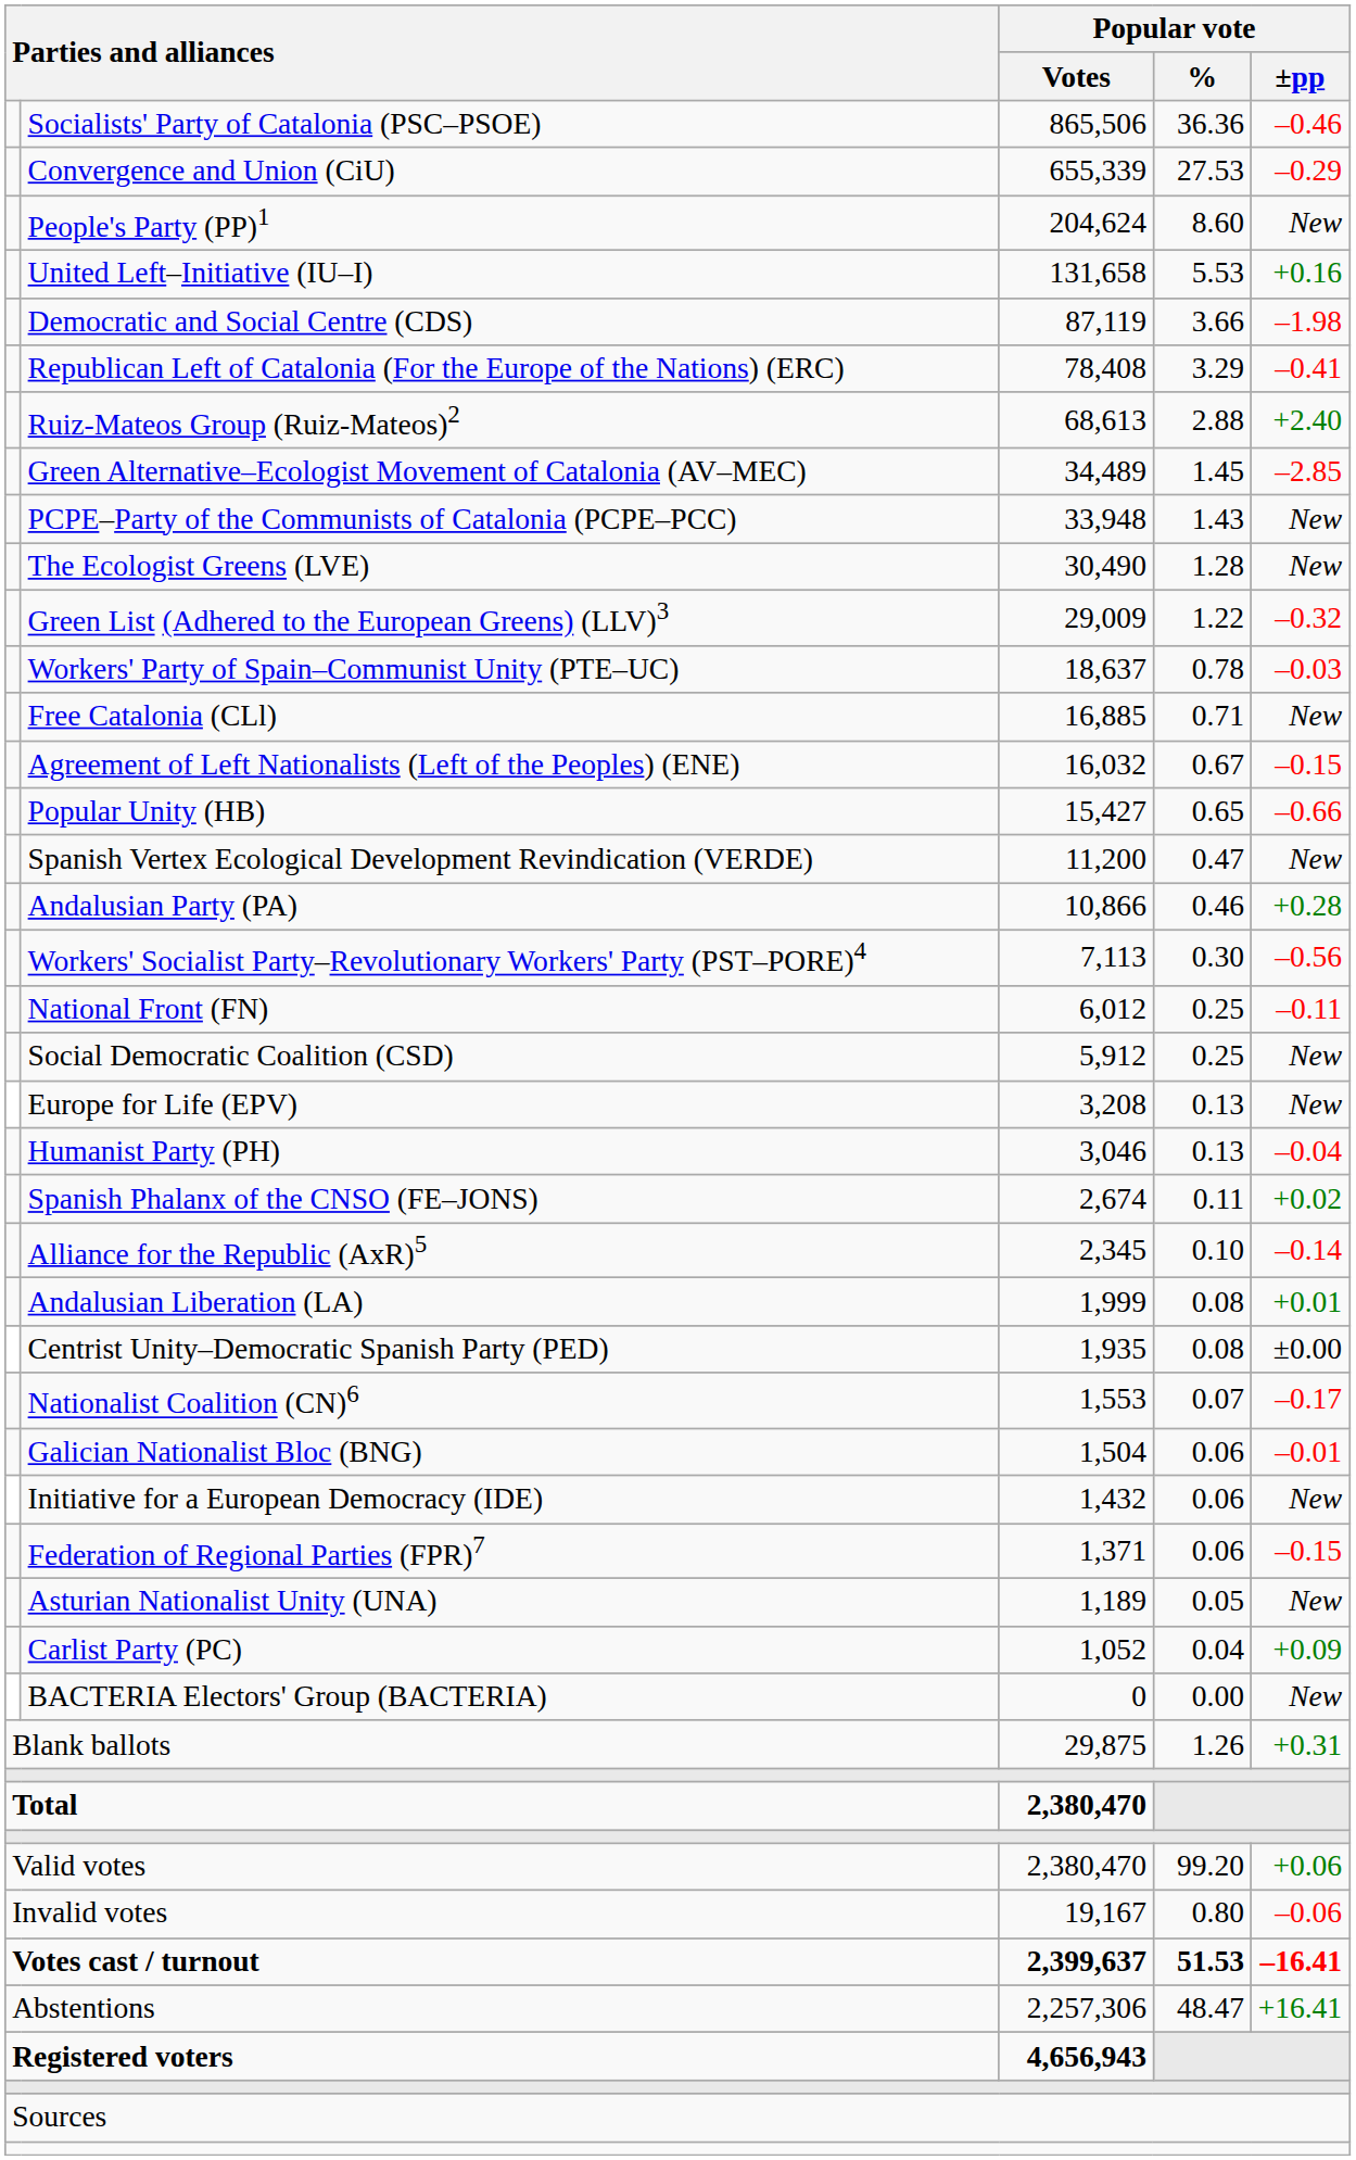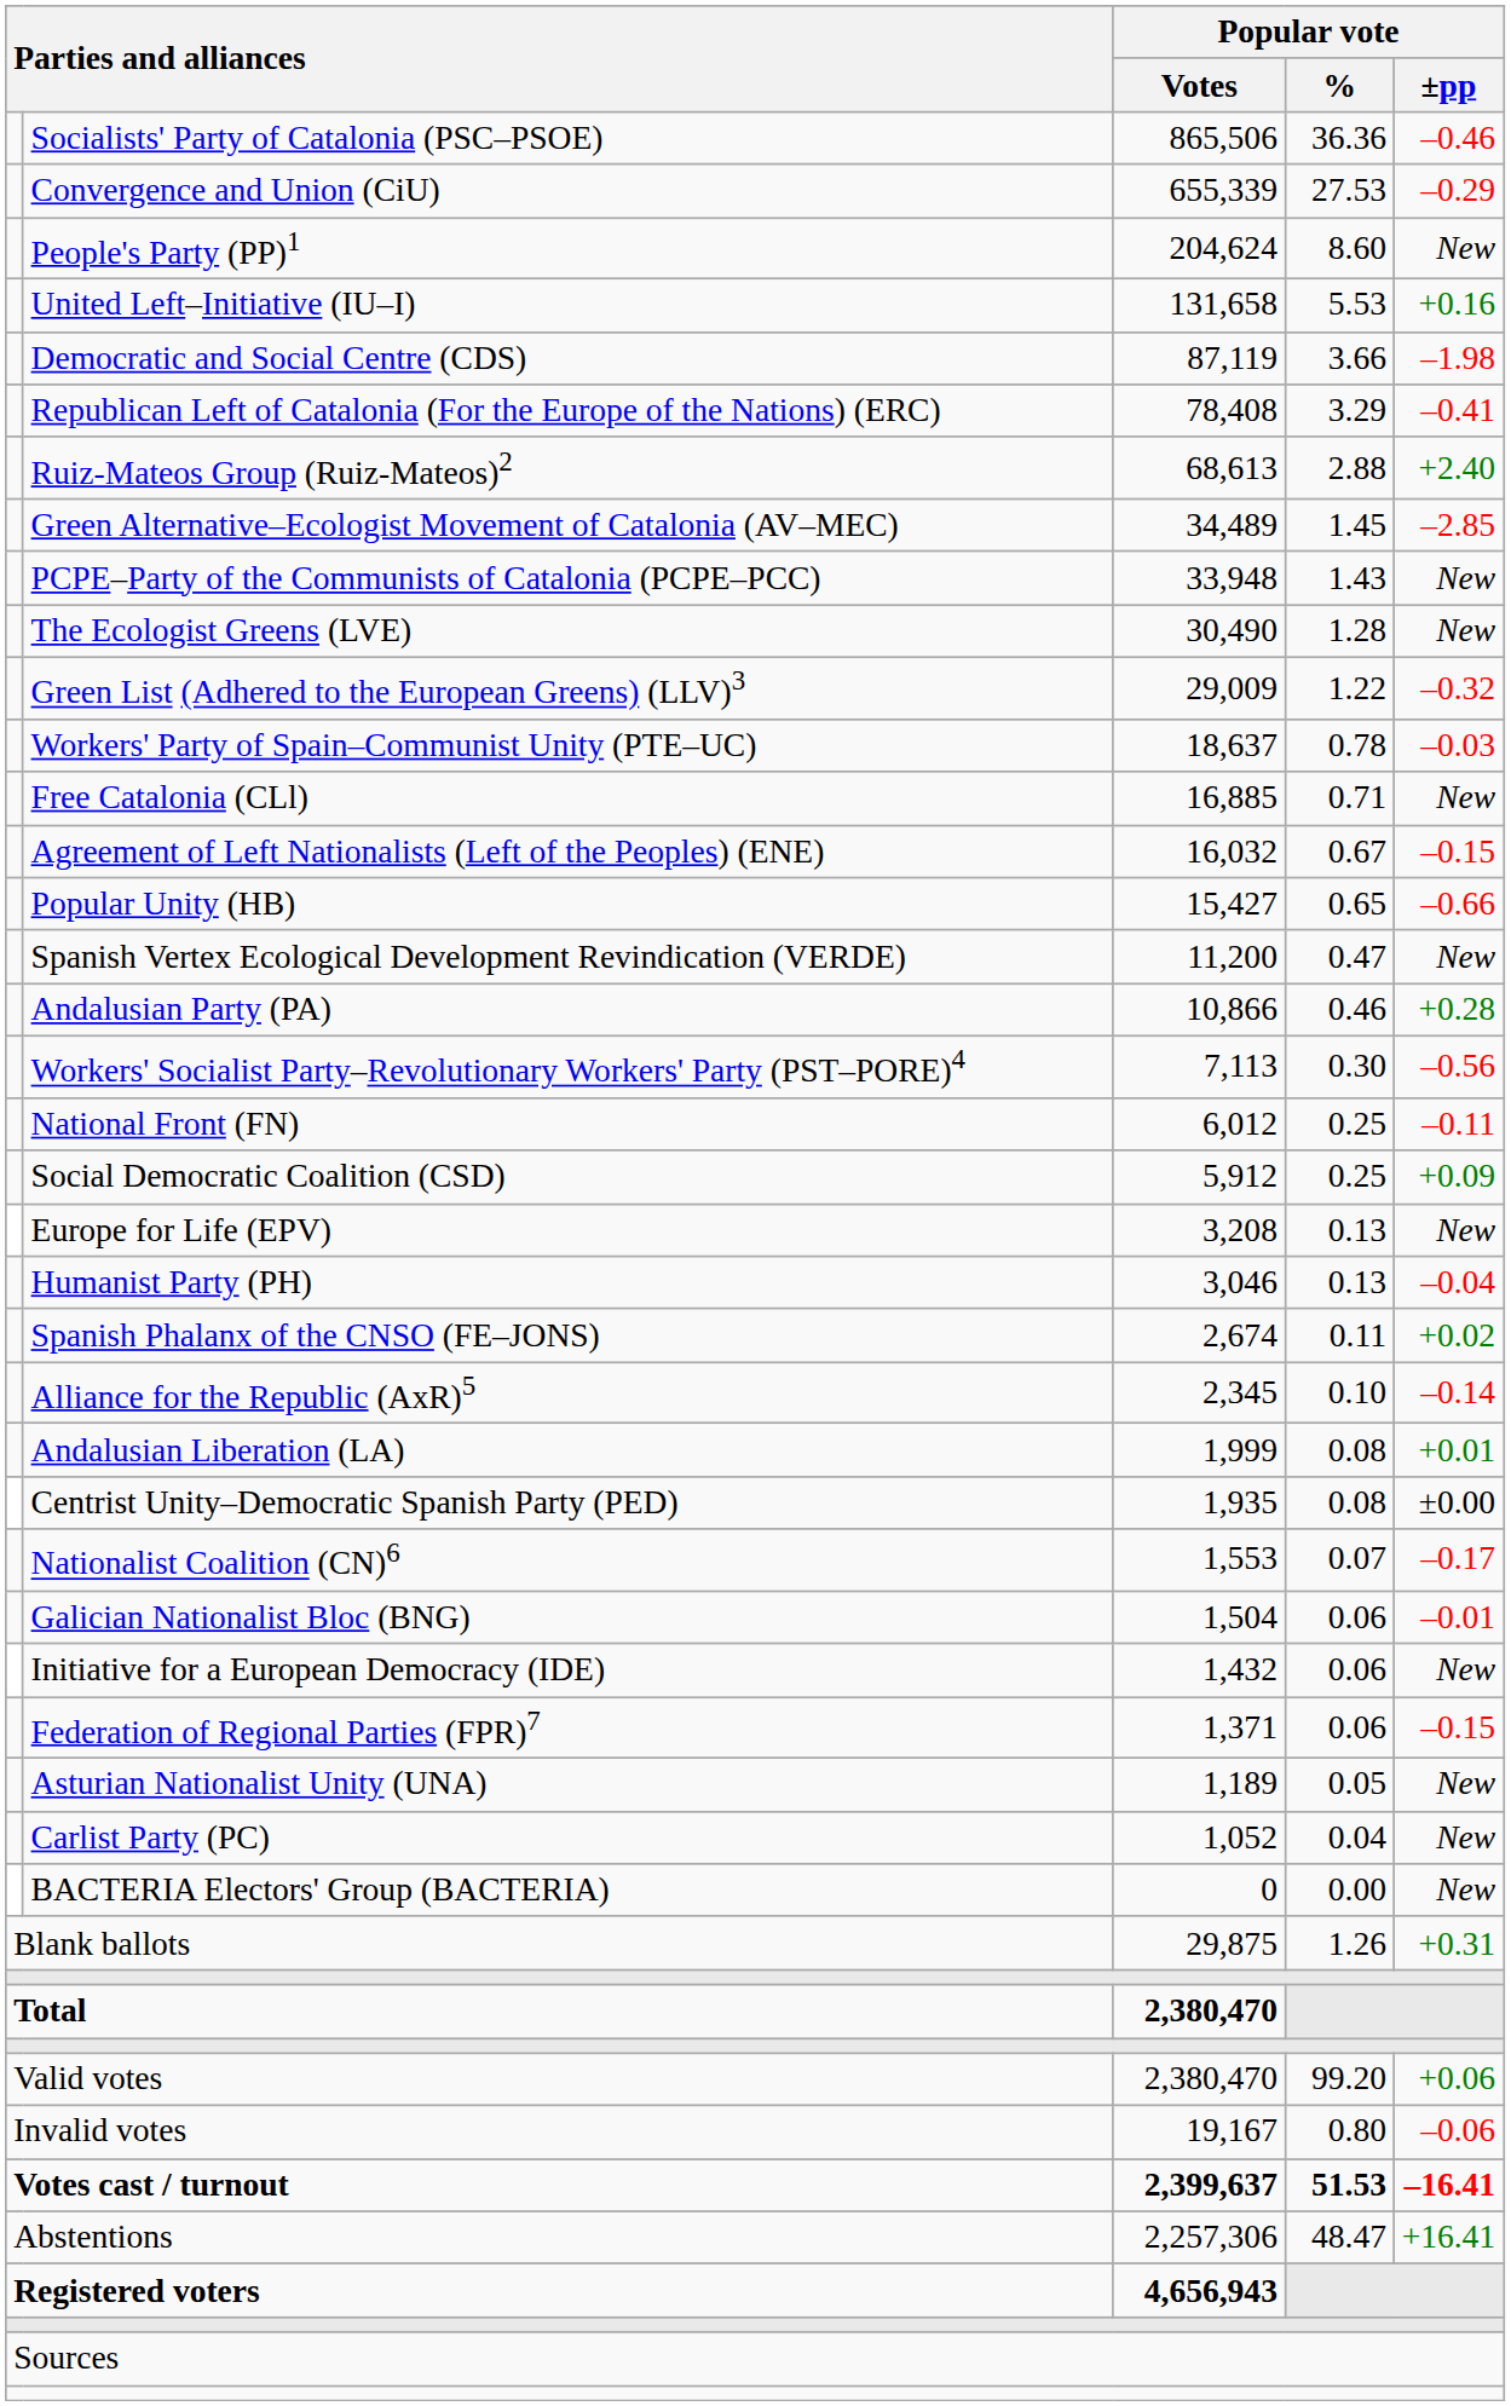 <table class="wikitable" style="text-align:right">
 <tr>
 <th style="text-align:left;" rowspan="2" colspan="2" width="525">Parties and alliances</th>
 <th colspan="3">Popular vote</th>
 </tr>
 <tr>
 <th width="75">Votes</th>
 <th width="45">%</th>
 <th width="45">±<a href='#'>pp</a></th>
 </tr>
 <tr>
 <td width="1" style="color:inherit;background:"></td>
 <td align="left"><a href='#'>Socialists' Party of Catalonia</a> (PSC–PSOE)</td>
 <td>865,506</td>
 <td>36.36</td>
 <td style="color:red;">–0.46</td>
 </tr>
 <tr>
 <td style="color:inherit;background:"></td>
 <td align="left"><a href='#'>Convergence and Union</a> (CiU)</td>
 <td>655,339</td>
 <td>27.53</td>
 <td style="color:red;">–0.29</td>
 </tr>
 <tr>
 <td style="color:inherit;background:"></td>
 <td align="left"><a href='#'>People's Party</a> (PP)<sup>1</sup></td>
 <td>204,624</td>
 <td>8.60</td>
 <td><em>New</em></td>
 </tr>
 <tr>
 <td style="color:inherit;background:"></td>
 <td align="left"><a href='#'>United Left</a>–<a href='#'>Initiative</a> (IU–I)</td>
 <td>131,658</td>
 <td>5.53</td>
 <td style="color:green;">+0.16</td>
 </tr>
 <tr>
 <td style="color:inherit;background:"></td>
 <td align="left"><a href='#'>Democratic and Social Centre</a> (CDS)</td>
 <td>87,119</td>
 <td>3.66</td>
 <td style="color:red;">–1.98</td>
 </tr>
 <tr>
 <td style="color:inherit;background:"></td>
 <td align="left"><a href='#'>Republican Left of Catalonia</a> (<a href='#'>For the Europe of the Nations</a>) (ERC)</td>
 <td>78,408</td>
 <td>3.29</td>
 <td style="color:red;">–0.41</td>
 </tr>
 <tr>
 <td style="color:inherit;background:"></td>
 <td align="left"><a href='#'>Ruiz-Mateos Group</a> (Ruiz-Mateos)<sup>2</sup></td>
 <td>68,613</td>
 <td>2.88</td>
 <td style="color:green;">+2.40</td>
 </tr>
 <tr>
 <td style="color:inherit;background:"></td>
 <td align="left"><a href='#'>Green Alternative–Ecologist Movement of Catalonia</a> (AV–MEC)</td>
 <td>34,489</td>
 <td>1.45</td>
 <td style="color:red;">–2.85</td>
 </tr>
 <tr>
 <td style="color:inherit;background:"></td>
 <td align="left"><a href='#'>PCPE</a>–<a href='#'>Party of the Communists of Catalonia</a> (PCPE–PCC)</td>
 <td>33,948</td>
 <td>1.43</td>
 <td><em>New</em></td>
 </tr>
 <tr>
 <td style="color:inherit;background:"></td>
 <td align="left"><a href='#'>The Ecologist Greens</a> (LVE)</td>
 <td>30,490</td>
 <td>1.28</td>
 <td><em>New</em></td>
 </tr>
 <tr>
 <td style="color:inherit;background:"></td>
 <td align="left"><a href='#'>Green List</a> <a href='#'>(Adhered to the European Greens)</a> (LLV)<sup>3</sup></td>
 <td>29,009</td>
 <td>1.22</td>
 <td style="color:red;">–0.32</td>
 </tr>
 <tr>
 <td style="color:inherit;background:"></td>
 <td align="left"><a href='#'>Workers' Party of Spain–Communist Unity</a> (PTE–UC)</td>
 <td>18,637</td>
 <td>0.78</td>
 <td style="color:red;">–0.03</td>
 </tr>
 <tr>
 <td style="color:inherit;background:"></td>
 <td align="left"><a href='#'>Free Catalonia</a> (CLl)</td>
 <td>16,885</td>
 <td>0.71</td>
 <td><em>New</em></td>
 </tr>
 <tr>
 <td style="color:inherit;background:"></td>
 <td align="left"><a href='#'>Agreement of Left Nationalists</a> (<a href='#'>Left of the Peoples</a>) (ENE)</td>
 <td>16,032</td>
 <td>0.67</td>
 <td style="color:red;">–0.15</td>
 </tr>
 <tr>
 <td style="color:inherit;background:"></td>
 <td align="left"><a href='#'>Popular Unity</a> (HB)</td>
 <td>15,427</td>
 <td>0.65</td>
 <td style="color:red;">–0.66</td>
 </tr>
 <tr>
 <td style="color:inherit;background:"></td>
 <td align="left">Spanish Vertex Ecological Development Revindication (VERDE)</td>
 <td>11,200</td>
 <td>0.47</td>
 <td><em>New</em></td>
 </tr>
 <tr>
 <td style="color:inherit;background:"></td>
 <td align="left"><a href='#'>Andalusian Party</a> (PA)</td>
 <td>10,866</td>
 <td>0.46</td>
 <td style="color:green;">+0.28</td>
 </tr>
 <tr>
 <td style="color:inherit;background:"></td>
 <td align="left"><a href='#'>Workers' Socialist Party</a>–<a href='#'>Revolutionary Workers' Party</a> (PST–PORE)<sup>4</sup></td>
 <td>7,113</td>
 <td>0.30</td>
 <td style="color:red;">–0.56</td>
 </tr>
 <tr>
 <td style="color:inherit;background:"></td>
 <td align="left"><a href='#'>National Front</a> (FN)</td>
 <td>6,012</td>
 <td>0.25</td>
 <td style="color:red;">–0.11</td>
 </tr>
 <tr>
 <td style="color:inherit;background:"></td>
 <td align="left">Social Democratic Coalition (CSD)</td>
 <td>5,912</td>
 <td>0.25</td>
-<td><em>New</em></td>
+<td style="color:green;">+0.09</td>
 </tr>
 <tr>
 <td bgcolor="white"></td>
 <td align="left">Europe for Life (EPV)</td>
 <td>3,208</td>
 <td>0.13</td>
 <td><em>New</em></td>
 </tr>
 <tr>
 <td style="color:inherit;background:"></td>
 <td align="left"><a href='#'>Humanist Party</a> (PH)</td>
 <td>3,046</td>
 <td>0.13</td>
 <td style="color:red;">–0.04</td>
 </tr>
 <tr>
 <td style="color:inherit;background:"></td>
 <td align="left"><a href='#'>Spanish Phalanx of the CNSO</a> (FE–JONS)</td>
 <td>2,674</td>
 <td>0.11</td>
 <td style="color:green;">+0.02</td>
 </tr>
 <tr>
 <td style="color:inherit;background:"></td>
 <td align="left"><a href='#'>Alliance for the Republic</a> (AxR)<sup>5</sup></td>
 <td>2,345</td>
 <td>0.10</td>
 <td style="color:red;">–0.14</td>
 </tr>
 <tr>
 <td style="color:inherit;background:"></td>
 <td align="left"><a href='#'>Andalusian Liberation</a> (LA)</td>
 <td>1,999</td>
 <td>0.08</td>
 <td style="color:green;">+0.01</td>
 </tr>
 <tr>
 <td bgcolor="white"></td>
 <td align="left">Centrist Unity–Democratic Spanish Party (PED)</td>
 <td>1,935</td>
 <td>0.08</td>
 <td>±0.00</td>
 </tr>
 <tr>
 <td style="color:inherit;background:"></td>
 <td align="left"><a href='#'>Nationalist Coalition</a> (CN)<sup>6</sup></td>
 <td>1,553</td>
 <td>0.07</td>
 <td style="color:red;">–0.17</td>
 </tr>
 <tr>
 <td style="color:inherit;background:"></td>
 <td align="left"><a href='#'>Galician Nationalist Bloc</a> (BNG)</td>
 <td>1,504</td>
 <td>0.06</td>
 <td style="color:red;">–0.01</td>
 </tr>
 <tr>
 <td bgcolor="white"></td>
 <td align="left">Initiative for a European Democracy (IDE)</td>
 <td>1,432</td>
 <td>0.06</td>
 <td><em>New</em></td>
 </tr>
 <tr>
 <td style="color:inherit;background:"></td>
 <td align="left"><a href='#'>Federation of Regional Parties</a> (FPR)<sup>7</sup></td>
 <td>1,371</td>
 <td>0.06</td>
 <td style="color:red;">–0.15</td>
 </tr>
 <tr>
 <td style="color:inherit;background:"></td>
 <td align="left"><a href='#'>Asturian Nationalist Unity</a> (UNA)</td>
 <td>1,189</td>
 <td>0.05</td>
 <td><em>New</em></td>
 </tr>
 <tr>
 <td style="color:inherit;background:"></td>
 <td align="left"><a href='#'>Carlist Party</a> (PC)</td>
 <td>1,052</td>
 <td>0.04</td>
-<td style="color:green;">+0.09</td>
+<td><em>New</em></td>
 </tr>
 <tr>
 <td bgcolor="white"></td>
 <td align="left">BACTERIA Electors' Group (BACTERIA)</td>
 <td>0</td>
 <td>0.00</td>
 <td><em>New</em></td>
 </tr>
 <tr>
 <td align="left" colspan="2">Blank ballots</td>
 <td>29,875</td>
 <td>1.26</td>
 <td style="color:green;">+0.31</td>
 </tr>
 <tr>
 <td colspan="5" bgcolor="#E9E9E9"></td>
 </tr>
 <tr style="font-weight:bold;">
 <td align="left" colspan="2">Total</td>
 <td>2,380,470</td>
 <td bgcolor="#E9E9E9" colspan="2"></td>
 </tr>
 <tr>
 <td colspan="5" bgcolor="#E9E9E9"></td>
 </tr>
 <tr>
 <td align="left" colspan="2">Valid votes</td>
 <td>2,380,470</td>
 <td>99.20</td>
 <td style="color:green;">+0.06</td>
 </tr>
 <tr>
 <td align="left" colspan="2">Invalid votes</td>
 <td>19,167</td>
 <td>0.80</td>
 <td style="color:red;">–0.06</td>
 </tr>
 <tr style="font-weight:bold;">
 <td align="left" colspan="2">Votes cast / turnout</td>
 <td>2,399,637</td>
 <td>51.53</td>
 <td style="color:red;">–16.41</td>
 </tr>
 <tr>
 <td align="left" colspan="2">Abstentions</td>
 <td>2,257,306</td>
 <td>48.47</td>
 <td style="color:green;">+16.41</td>
 </tr>
 <tr style="font-weight:bold;">
 <td align="left" colspan="2">Registered voters</td>
 <td>4,656,943</td>
 <td bgcolor="#E9E9E9" colspan="2"></td>
 </tr>
 <tr>
 <td colspan="5" bgcolor="#E9E9E9"></td>
 </tr>
 <tr>
 <td align="left" colspan="5">Sources</td>
 </tr>
 <tr>
 <td colspan="5" style="text-align:left; max-width:680px;"></td>
 </tr>
 </table>
